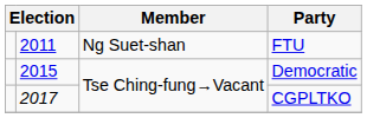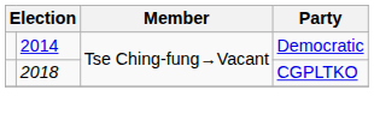 <table class="wikitable">
 <tr>
 <th colspan="2">Election</th>
 <th>Member</th>
 <th>Party</th>
 </tr>
 <tr>
 <td style="color:inherit;background:"></td>
-<td><a href='#'>2011</a></td>
-<td>Ng Suet-shan</td>
-<td><a href='#'>FTU</a></td>
-</tr>
-<tr>
-<td style="color:inherit;background:"></td>
-<td><a href='#'>2015</a></td>
+<td><a href='#'>2014</a></td>
 <td rowspan=2>Tse Ching-fung→Vacant</td>
 <td><a href='#'>Democratic</a></td>
 </tr>
 <tr>
 <td style="color:inherit;background:"></td>
-<td><em>2017</em></td>
+<td><em>2018</em></td>
 <td><a href='#'>CGPLTKO</a></td>
 </tr>
 <tr>
 </tr>
 </table>
